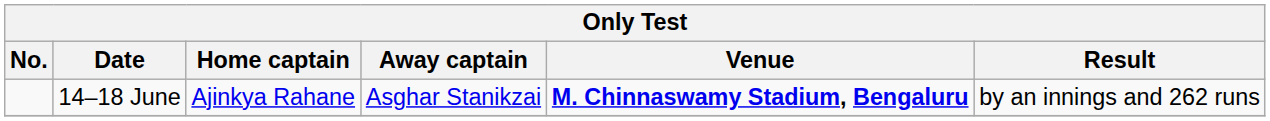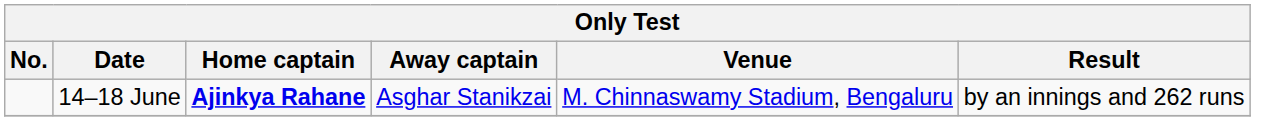 <table class="wikitable">
 <tr>
 <th colspan="9">Only Test</th>
 </tr>
 <tr>
 <th>No.</th>
 <th>Date</th>
 <th>Home captain</th>
 <th>Away captain</th>
 <th>Venue</th>
 <th>Result</th>
 </tr>
 <tr>
 <td></td>
 <td>14–18 June</td>
-<td><a href='#'>Ajinkya Rahane</a></td>
+<td><strong><a href='#'>Ajinkya Rahane</a></strong></td>
 <td><a href='#'>Asghar Stanikzai</a></td>
-<td><strong><a href='#'>M. Chinnaswamy Stadium</a>, <a href='#'>Bengaluru</a></strong></td>
+<td><a href='#'>M. Chinnaswamy Stadium</a>, <a href='#'>Bengaluru</a></td>
 <td> by an innings and 262 runs</td>
 </tr>
 <tr>
 </tr>
 </table>
